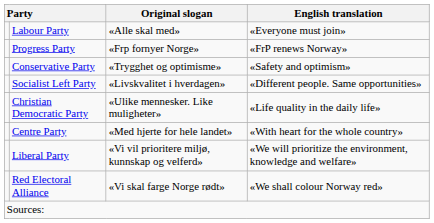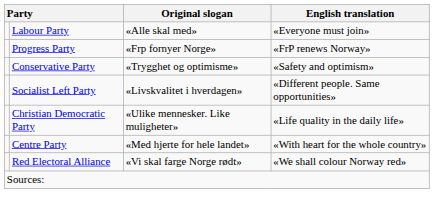 <table class="wikitable" style="font-size:97%; text-align:left">
 <tr>
 <th colspan="2" style="text-align:left;">Party</th>
 <th>Original slogan</th>
 <th>English translation</th>
 </tr>
 <tr>
 <td style="background:"></td>
 <td><a href='#'>Labour Party</a></td>
 <td>«Alle skal med»</td>
 <td>«Everyone must join»</td>
 </tr>
 <tr>
 <td style="background:"></td>
 <td><a href='#'>Progress Party</a></td>
 <td>«Frp fornyer Norge»</td>
 <td>«FrP renews Norway»</td>
 </tr>
 <tr>
 <td style="background:"></td>
 <td><a href='#'>Conservative Party</a></td>
 <td>«Trygghet og optimisme»</td>
 <td>«Safety and optimism»</td>
 </tr>
 <tr>
 <td style="background:"></td>
 <td><a href='#'>Socialist Left Party</a></td>
 <td>«Livskvalitet i hverdagen»</td>
 <td>«Different people. Same opportunities»</td>
 </tr>
 <tr>
 <td style="background:"></td>
 <td><a href='#'>Christian Democratic Party</a></td>
 <td>«Ulike mennesker. Like muligheter»</td>
 <td>«Life quality in the daily life»</td>
 </tr>
 <tr>
 <td style="background:"></td>
 <td><a href='#'>Centre Party</a></td>
 <td>«Med hjerte for hele landet»</td>
 <td>«With heart for the whole country»</td>
 </tr>
 <tr>
 <td style="background:"></td>
-<td><a href='#'>Liberal Party</a></td>
-<td>«Vi vil prioritere miljø, kunnskap og velferd»</td>
-<td>«We will prioritize the environment, knowledge and welfare»</td>
-</tr>
-<tr>
-<td style="background:"></td>
 <td><a href='#'>Red Electoral Alliance</a></td>
 <td>«Vi skal farge Norge rødt»</td>
 <td>«We shall colour Norway red»</td>
 </tr>
 <tr>
 <td colspan="4">Sources:</td>
 </tr>
 </table>
